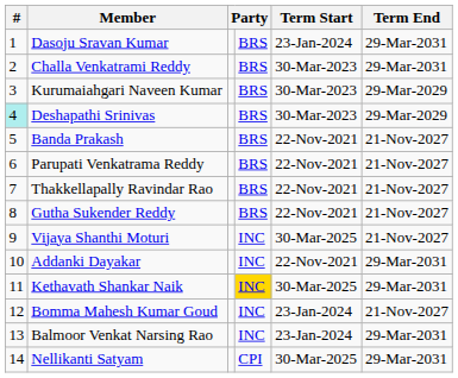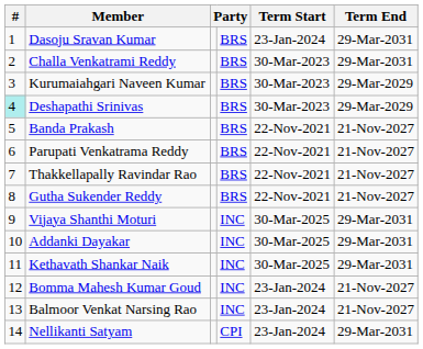 <table class="wikitable sortable">
 <tr>
 <th>#</th>
 <th style="width:200px">Member</th>
 <th colspan="2">Party</th>
 <th>Term Start</th>
 <th>Term End</th>
 </tr>
 <tr>
 <td>1</td>
 <td><a href='#'>Dasoju Sravan Kumar</a></td>
 <td></td>
 <td><a href='#'>BRS</a></td>
 <td>23-Jan-2024</td>
 <td>29-Mar-2031</td>
 </tr>
 <tr>
 <td>2</td>
 <td><a href='#'>Challa Venkatrami Reddy</a></td>
 <td></td>
 <td><a href='#'>BRS</a></td>
 <td>30-Mar-2023</td>
 <td>29-Mar-2031</td>
 </tr>
 <tr>
 <td>3</td>
 <td>Kurumaiahgari Naveen Kumar</td>
 <td></td>
 <td><a href='#'>BRS</a></td>
 <td>30-Mar-2023</td>
 <td>29-Mar-2029</td>
 </tr>
 <tr>
 <td style="background: paleturquoise;">4</td>
 <td><a href='#'>Deshapathi Srinivas</a></td>
 <td></td>
 <td><a href='#'>BRS</a></td>
 <td>30-Mar-2023</td>
 <td>29-Mar-2029</td>
 </tr>
 <tr>
 <td>5</td>
 <td><a href='#'>Banda Prakash</a></td>
 <td></td>
 <td><a href='#'>BRS</a></td>
 <td>22-Nov-2021</td>
 <td>21-Nov-2027</td>
 </tr>
 <tr>
 <td>6</td>
 <td>Parupati Venkatrama Reddy</td>
 <td></td>
 <td><a href='#'>BRS</a></td>
 <td>22-Nov-2021</td>
 <td>21-Nov-2027</td>
 </tr>
 <tr>
 <td>7</td>
 <td>Thakkellapally Ravindar Rao</td>
 <td></td>
 <td><a href='#'>BRS</a></td>
 <td>22-Nov-2021</td>
 <td>21-Nov-2027</td>
 </tr>
 <tr>
 <td>8</td>
 <td><a href='#'>Gutha Sukender Reddy</a></td>
 <td></td>
 <td><a href='#'>BRS</a></td>
 <td>22-Nov-2021</td>
 <td>21-Nov-2027</td>
 </tr>
 <tr>
 <td>9</td>
 <td><a href='#'>Vijaya Shanthi Moturi</a></td>
 <td></td>
 <td><a href='#'>INC</a></td>
 <td>30-Mar-2025</td>
-<td>21-Nov-2027</td>
+<td>29-Mar-2031</td>
 </tr>
 <tr>
 <td>10</td>
 <td><a href='#'>Addanki Dayakar</a></td>
 <td></td>
 <td><a href='#'>INC</a></td>
-<td>22-Nov-2021</td>
+<td>30-Mar-2025</td>
 <td>29-Mar-2031</td>
 </tr>
 <tr>
 <td>11</td>
 <td><a href='#'>Kethavath Shankar Naik</a></td>
 <td></td>
-<td style="background: gold;"><a href='#'>INC</a></td>
+<td><a href='#'>INC</a></td>
 <td>30-Mar-2025</td>
 <td>29-Mar-2031</td>
 </tr>
 <tr>
 <td>12</td>
 <td><a href='#'>Bomma Mahesh Kumar Goud</a></td>
 <td></td>
 <td><a href='#'>INC</a></td>
 <td>23-Jan-2024</td>
 <td>21-Nov-2027</td>
 </tr>
 <tr>
 <td>13</td>
 <td>Balmoor Venkat Narsing Rao</td>
 <td></td>
 <td><a href='#'>INC</a></td>
 <td>23-Jan-2024</td>
-<td>29-Mar-2031</td>
+<td>21-Nov-2027</td>
 </tr>
 <tr>
 <td>14</td>
 <td><a href='#'>Nellikanti Satyam</a></td>
 <td></td>
 <td><a href='#'>CPI</a></td>
-<td>30-Mar-2025</td>
+<td>23-Jan-2024</td>
 <td>29-Mar-2031</td>
 </tr>
 </table>
